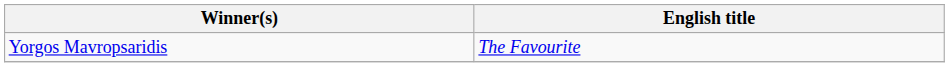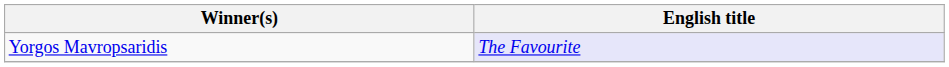 <table class="wikitable" width="95%" cellpadding="5">
 <tr>
 <th width="18%">Winner(s)</th>
 <th width="18%">English title</th>
 </tr>
 <tr>
 <td>  <a href='#'>Yorgos Mavropsaridis</a></td>
-<td><em><a href='#'>The Favourite</a></em></td>
+<td style="background: lavender;"><em><a href='#'>The Favourite</a></em></td>
 </tr>
 <tr>
 </tr>
 </table>
